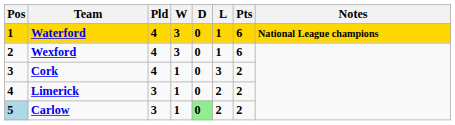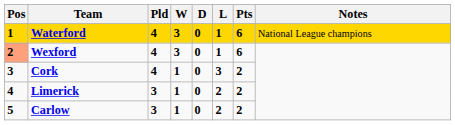 <table class="wikitable" style="text-align: centre;">
 <tr>
 <th width=20>Pos</th>
 <th width=150>Team</th>
 <th width=20>Pld</th>
 <th width=20>W</th>
 <th width=20>D</th>
 <th width=20>L</th>
 <th width=20>Pts</th>
 <th width=250>Notes</th>
 </tr>
 <tr style="background:gold;">
 <td><strong>1</strong></td>
 <td align=left><strong> <a href='#'>Waterford</a> </strong></td>
 <td><strong>4</strong></td>
 <td><strong>3</strong></td>
 <td><strong>0</strong></td>
 <td><strong>1</strong></td>
 <td><strong>6</strong></td>
-<td><strong><small>National League champions</small></strong></td>
+<td><small>National League champions</small></td>
 </tr>
 <tr>
-<td><strong>2</strong></td>
+<td style="background: lightsalmon;"><strong>2</strong></td>
 <td align=left><strong> <a href='#'>Wexford</a> </strong></td>
 <td><strong>4</strong></td>
 <td><strong>3</strong></td>
 <td><strong>0</strong></td>
 <td><strong>1</strong></td>
 <td><strong>6</strong></td>
 </tr>
 <tr>
 <td><strong>3</strong></td>
 <td align=left><strong> <a href='#'>Cork</a> </strong></td>
 <td><strong>4</strong></td>
 <td><strong>1</strong></td>
 <td><strong>0</strong></td>
 <td><strong>3</strong></td>
 <td><strong>2</strong></td>
 </tr>
 <tr>
 <td><strong>4</strong></td>
 <td align=left><strong> <a href='#'>Limerick</a> </strong></td>
 <td><strong>3</strong></td>
 <td><strong>1</strong></td>
 <td><strong>0</strong></td>
 <td><strong>2</strong></td>
 <td><strong>2</strong></td>
 </tr>
 <tr>
-<td style="background: lightblue;"><strong>5</strong></td>
+<td><strong>5</strong></td>
 <td align=left><strong> <a href='#'>Carlow</a> </strong></td>
 <td><strong>3</strong></td>
 <td><strong>1</strong></td>
-<td style="background: lightgreen;"><strong>0</strong></td>
+<td><strong>0</strong></td>
 <td><strong>2</strong></td>
 <td><strong>2</strong></td>
 </tr>
 </table>
